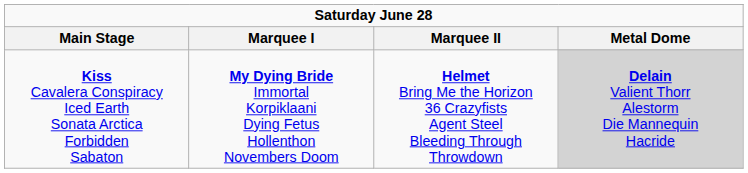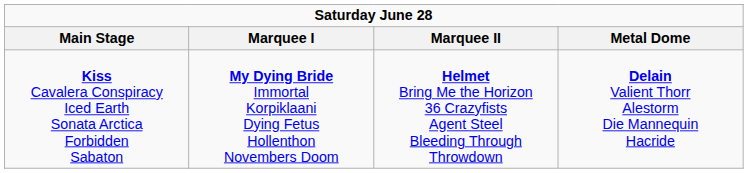 <table class="wikitable">
 <tr>
 <td colspan="4" style="text-align:center;"><strong>Saturday June 28</strong></td>
 </tr>
 <tr>
 <th>Main Stage</th>
 <th>Marquee I</th>
 <th>Marquee II</th>
 <th>Metal Dome</th>
 </tr>
 <tr>
 <td style="text-align:center; vertical-align:top; width:200px;"><br><strong><a href='#'>Kiss</a></strong> <br><a href='#'>Cavalera Conspiracy</a> <br><a href='#'>Iced Earth</a> <br><a href='#'>Sonata Arctica</a> <br><a href='#'>Forbidden</a> <br><a href='#'>Sabaton</a></td>
 <td style="text-align:center; vertical-align:top; width:200px;"><br><strong><a href='#'>My Dying Bride</a></strong> <br><a href='#'>Immortal</a> <br><a href='#'>Korpiklaani</a> <br><a href='#'>Dying Fetus</a> <br><a href='#'>Hollenthon</a> <br><a href='#'>Novembers Doom</a></td>
 <td style="text-align:center; vertical-align:top; width:200px;"><br><strong><a href='#'>Helmet</a></strong> <br><a href='#'>Bring Me the Horizon</a> <br><a href='#'>36 Crazyfists</a> <br><a href='#'>Agent Steel</a> <br><a href='#'>Bleeding Through</a> <br><a href='#'>Throwdown</a></td>
-<td style="background: lightgrey; text-align:center; vertical-align:top; width:200px;"><br><strong><a href='#'>Delain</a> </strong> <br><a href='#'>Valient Thorr</a> <br><a href='#'>Alestorm</a> <br><a href='#'>Die Mannequin</a> <br><a href='#'>Hacride</a></td>
+<td style="text-align:center; vertical-align:top; width:200px;"><br><strong><a href='#'>Delain</a> </strong> <br><a href='#'>Valient Thorr</a> <br><a href='#'>Alestorm</a> <br><a href='#'>Die Mannequin</a> <br><a href='#'>Hacride</a></td>
 </tr>
 </table>
